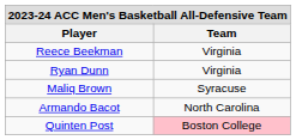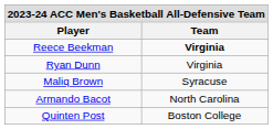 <table class="wikitable" style="white-space:nowrap; font-size:90%; text-align:center;">
 <tr>
 <td colspan="7" style="text-align:center; background:#ddd;"><strong>2023-24 ACC Men's Basketball All-Defensive Team</strong></td>
 </tr>
 <tr>
 <th>Player</th>
 <th>Team</th>
 </tr>
 <tr>
 <td><a href='#'>Reece Beekman</a></td>
-<td>Virginia</td>
+<td><strong>Virginia</strong></td>
 </tr>
 <tr>
 <td><a href='#'>Ryan Dunn</a></td>
 <td>Virginia</td>
 </tr>
 <tr>
 <td><a href='#'>Maliq Brown</a></td>
 <td>Syracuse</td>
 </tr>
 <tr>
 <td><a href='#'>Armando Bacot</a></td>
 <td>North Carolina</td>
 </tr>
 <tr>
 <td><a href='#'>Quinten Post</a></td>
-<td style="background: pink;">Boston College</td>
+<td>Boston College</td>
 </tr>
 </table>
